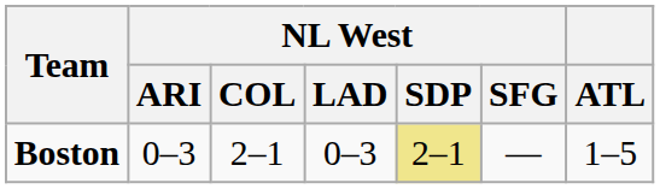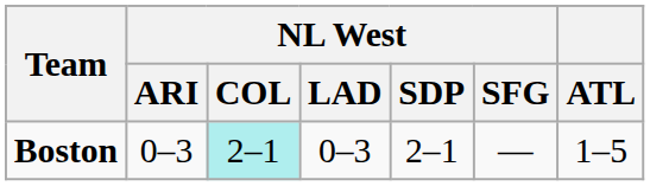 <table class="wikitable" style="text-align:center; font-size: 95%;">
 <tr>
 <th rowspan=2>Team</th>
 <th colspan=5>NL West</th>
 <th> </th>
 </tr>
 <tr>
 <th><strong>ARI</strong></th>
 <th><strong>COL</strong></th>
 <th><strong>LAD</strong></th>
 <th><strong>SDP</strong></th>
 <th><strong>SFG</strong></th>
 <th><strong>ATL</strong></th>
 </tr>
 <tr>
 <td><strong>Boston</strong></td>
 <td>0–3</td>
+<td style="background: paleturquoise;">2–1</td>
+<td>0–3</td>
 <td>2–1</td>
-<td>0–3</td>
-<td style="background: khaki;">2–1</td>
 <td>—</td>
 <td>1–5</td>
 </tr>
 </table>
